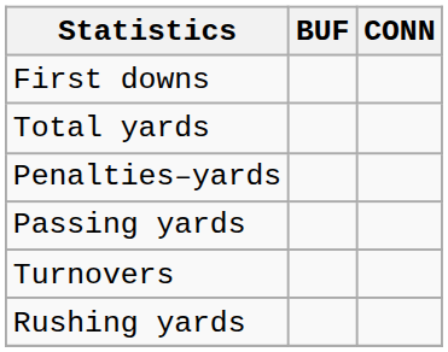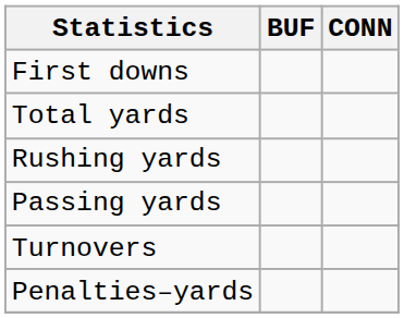 <table class="wikitable" style="float: left;">
 <tr>
 <th>Statistics</th>
 <th>BUF</th>
 <th>CONN</th>
 </tr>
 <tr>
 <td>First downs</td>
 <td></td>
 <td></td>
 </tr>
 <tr>
 <td>Total yards</td>
 <td></td>
 <td></td>
 </tr>
 <tr>
-<td>Penalties–yards</td>
+<td>Rushing yards</td>
 <td></td>
 <td></td>
 </tr>
 <tr>
 <td>Passing yards</td>
 <td></td>
 <td></td>
 </tr>
 <tr>
 <td>Turnovers</td>
 <td></td>
 <td></td>
 </tr>
 <tr>
-<td>Rushing yards</td>
+<td>Penalties–yards</td>
 <td></td>
 <td></td>
 </tr>
 <tr>
 </tr>
 </table>
